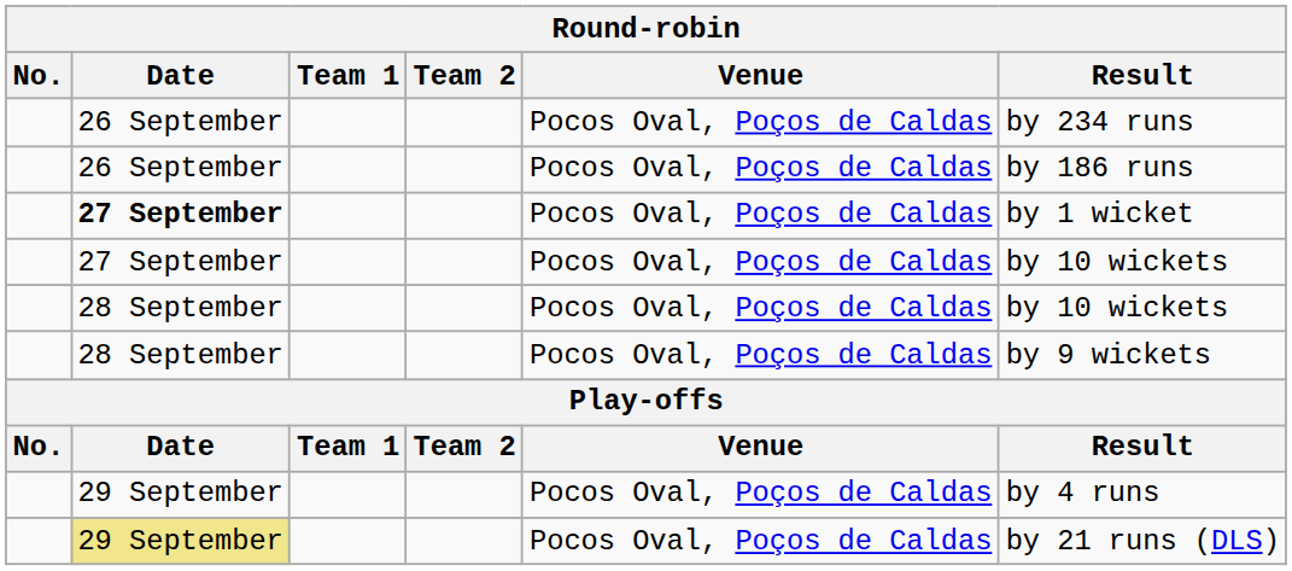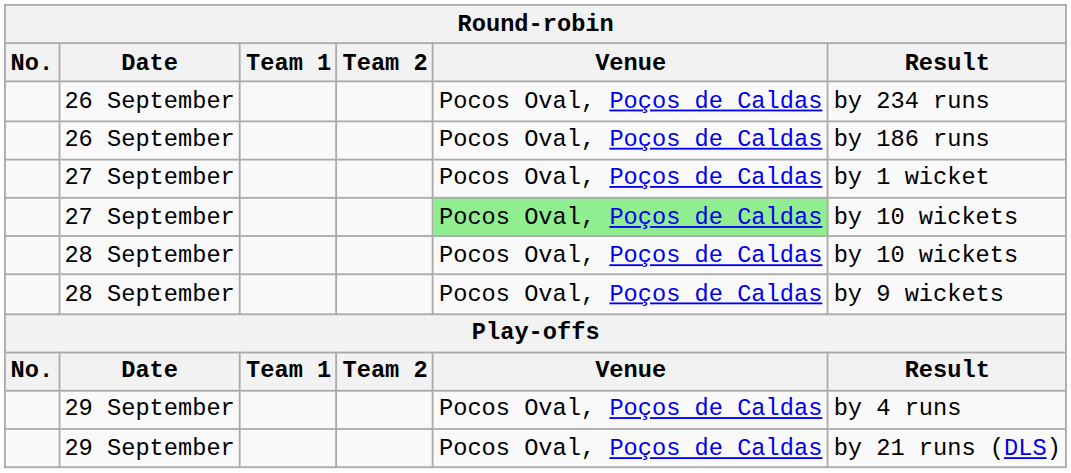 <table class="wikitable">
 <tr>
 <th colspan="6">Round-robin</th>
 </tr>
 <tr>
 <th>No.</th>
 <th>Date</th>
 <th>Team 1</th>
 <th>Team 2</th>
 <th>Venue</th>
 <th>Result</th>
 </tr>
 <tr>
 <td></td>
 <td>26 September</td>
 <td></td>
 <td></td>
 <td>Pocos Oval, <a href='#'>Poços de Caldas</a></td>
 <td> by 234 runs</td>
 </tr>
 <tr>
 <td></td>
 <td>26 September</td>
 <td></td>
 <td></td>
 <td>Pocos Oval, <a href='#'>Poços de Caldas</a></td>
 <td> by 186 runs</td>
 </tr>
 <tr>
 <td></td>
-<td><strong>27 September</strong></td>
+<td>27 September</td>
 <td></td>
 <td></td>
 <td>Pocos Oval, <a href='#'>Poços de Caldas</a></td>
 <td> by 1 wicket</td>
 </tr>
 <tr>
 <td></td>
 <td>27 September</td>
 <td></td>
 <td></td>
-<td>Pocos Oval, <a href='#'>Poços de Caldas</a></td>
+<td style="background: lightgreen;">Pocos Oval, <a href='#'>Poços de Caldas</a></td>
 <td> by 10 wickets</td>
 </tr>
 <tr>
 <td></td>
 <td>28 September</td>
 <td></td>
 <td></td>
 <td>Pocos Oval, <a href='#'>Poços de Caldas</a></td>
 <td> by 10 wickets</td>
 </tr>
 <tr>
 <td></td>
 <td>28 September</td>
 <td></td>
 <td></td>
 <td>Pocos Oval, <a href='#'>Poços de Caldas</a></td>
 <td> by 9 wickets</td>
 </tr>
 <tr>
 <th colspan="6">Play-offs</th>
 </tr>
 <tr>
 <th>No.</th>
 <th>Date</th>
 <th>Team 1</th>
 <th>Team 2</th>
 <th>Venue</th>
 <th>Result</th>
 </tr>
 <tr>
 <td></td>
 <td>29 September</td>
 <td></td>
 <td></td>
 <td>Pocos Oval, <a href='#'>Poços de Caldas</a></td>
 <td> by 4 runs</td>
 </tr>
 <tr>
 <td></td>
-<td style="background: khaki;">29 September</td>
+<td>29 September</td>
 <td></td>
 <td></td>
 <td>Pocos Oval, <a href='#'>Poços de Caldas</a></td>
 <td> by 21 runs (<a href='#'>DLS</a>)</td>
 </tr>
 </table>
